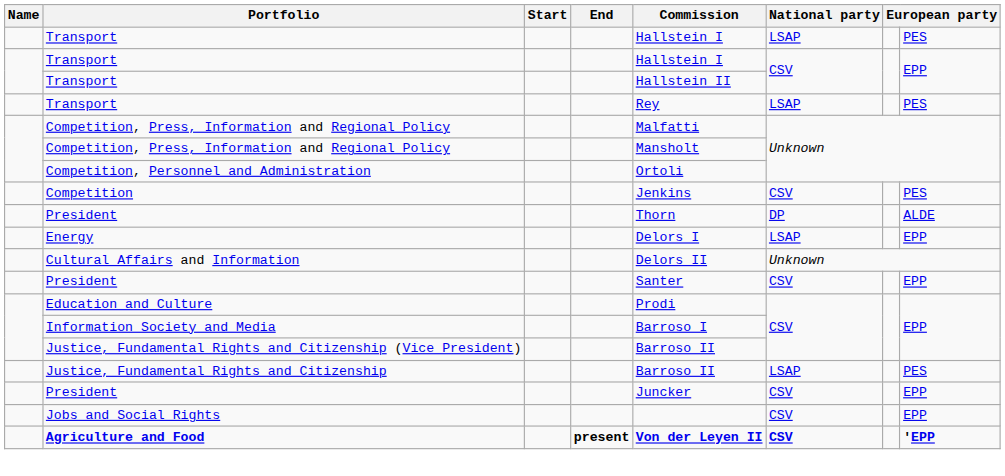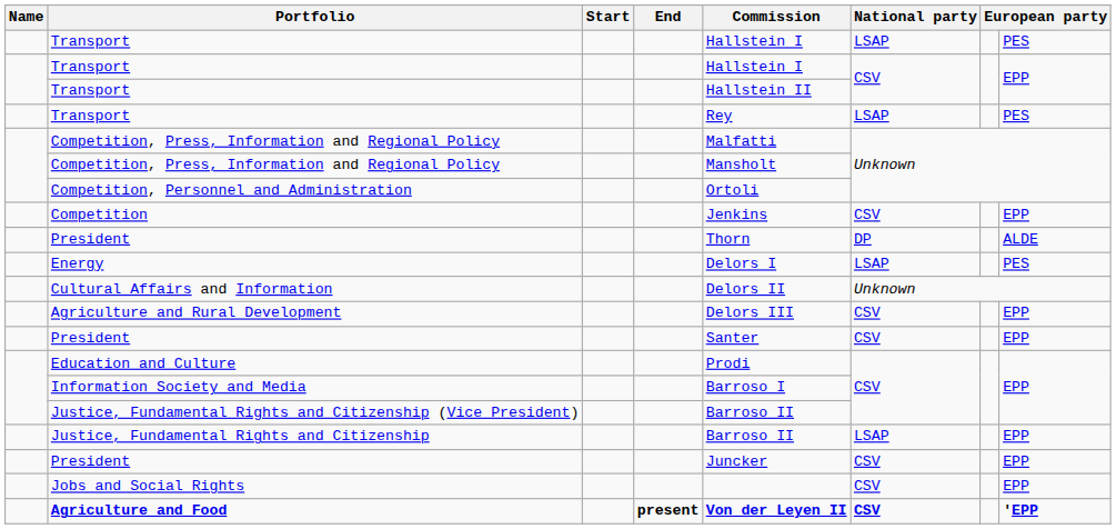 <table class="wikitable sortable" style="font-size: 90%;">
 <tr>
 <th>Name</th>
 <th>Portfolio</th>
 <th>Start</th>
 <th>End</th>
 <th>Commission</th>
 <th>National party</th>
 <th colspan=2>European party</th>
 </tr>
 <tr>
 <td></td>
 <td><a href='#'>Transport</a></td>
 <td></td>
 <td></td>
 <td><a href='#'>Hallstein I</a></td>
 <td><a href='#'>LSAP</a></td>
 <td style="background:"></td>
 <td><a href='#'>PES</a></td>
 </tr>
 <tr>
 <td rowspan=2></td>
 <td><a href='#'>Transport</a></td>
 <td></td>
 <td></td>
 <td><a href='#'>Hallstein I</a></td>
 <td rowspan=2><a href='#'>CSV</a></td>
 <td rowspan=2 style="background:"></td>
 <td rowspan=2><a href='#'>EPP</a></td>
 </tr>
 <tr>
 <td><a href='#'>Transport</a></td>
 <td></td>
 <td></td>
 <td><a href='#'>Hallstein II</a></td>
 </tr>
 <tr>
 <td></td>
 <td><a href='#'>Transport</a></td>
 <td></td>
 <td></td>
 <td><a href='#'>Rey</a></td>
 <td><a href='#'>LSAP</a></td>
 <td style="background:"></td>
 <td><a href='#'>PES</a></td>
 </tr>
 <tr>
 <td rowspan=3></td>
 <td><a href='#'>Competition</a>, <a href='#'>Press, Information</a> and <a href='#'>Regional Policy</a></td>
 <td></td>
 <td></td>
 <td><a href='#'>Malfatti</a></td>
 <td rowspan=3 colspan=3><em>Unknown</em></td>
 </tr>
 <tr>
 <td><a href='#'>Competition</a>, <a href='#'>Press, Information</a> and <a href='#'>Regional Policy</a></td>
 <td></td>
 <td></td>
 <td><a href='#'>Mansholt</a></td>
 </tr>
 <tr>
 <td><a href='#'>Competition</a>, <a href='#'>Personnel and Administration</a></td>
 <td></td>
 <td></td>
 <td><a href='#'>Ortoli</a></td>
 </tr>
 <tr>
 <td></td>
 <td><a href='#'>Competition</a></td>
 <td></td>
 <td></td>
 <td><a href='#'>Jenkins</a></td>
 <td><a href='#'>CSV</a></td>
 <td style="background:"></td>
-<td><a href='#'>PES</a></td>
+<td><a href='#'>EPP</a></td>
 </tr>
 <tr>
 <td></td>
 <td><a href='#'>President</a></td>
 <td></td>
 <td></td>
 <td><a href='#'>Thorn</a></td>
 <td><a href='#'>DP</a></td>
 <td style="background:"></td>
 <td><a href='#'>ALDE</a></td>
 </tr>
 <tr>
 <td></td>
 <td><a href='#'>Energy</a></td>
 <td></td>
 <td></td>
 <td><a href='#'>Delors I</a></td>
 <td><a href='#'>LSAP</a></td>
 <td style="background:"></td>
-<td><a href='#'>EPP</a></td>
+<td><a href='#'>PES</a></td>
 </tr>
 <tr>
 <td></td>
 <td><a href='#'>Cultural Affairs</a> and <a href='#'>Information</a></td>
 <td></td>
 <td></td>
 <td><a href='#'>Delors II</a></td>
 <td colspan=3><em>Unknown</em></td>
+</tr>
+<tr>
+<td></td>
+<td><a href='#'>Agriculture and Rural Development</a></td>
+<td></td>
+<td></td>
+<td><a href='#'>Delors III</a></td>
+<td><a href='#'>CSV</a></td>
+<td style="background:"></td>
+<td><a href='#'>EPP</a></td>
 </tr>
 <tr>
 <td></td>
 <td><a href='#'>President</a></td>
 <td></td>
 <td></td>
 <td><a href='#'>Santer</a></td>
 <td><a href='#'>CSV</a></td>
 <td style="background:"></td>
 <td><a href='#'>EPP</a></td>
 </tr>
 <tr>
 <td rowspan=3></td>
 <td><a href='#'>Education and Culture</a></td>
 <td></td>
 <td></td>
 <td><a href='#'>Prodi</a></td>
 <td rowspan=3><a href='#'>CSV</a></td>
 <td rowspan=3 style="background:"></td>
 <td rowspan=3><a href='#'>EPP</a></td>
 </tr>
 <tr>
 <td><a href='#'>Information Society and Media</a></td>
 <td></td>
 <td></td>
 <td><a href='#'>Barroso I</a></td>
 </tr>
 <tr>
 <td><a href='#'>Justice, Fundamental Rights and Citizenship</a> (<a href='#'>Vice President</a>)</td>
 <td></td>
 <td></td>
 <td><a href='#'>Barroso II</a></td>
 </tr>
 <tr>
 <td></td>
 <td><a href='#'>Justice, Fundamental Rights and Citizenship</a></td>
 <td></td>
 <td></td>
 <td><a href='#'>Barroso II</a></td>
 <td><a href='#'>LSAP</a></td>
 <td style="background:"></td>
-<td><a href='#'>PES</a></td>
+<td><a href='#'>EPP</a></td>
 </tr>
 <tr>
 <td></td>
 <td><a href='#'>President</a></td>
 <td></td>
 <td></td>
 <td><a href='#'>Juncker</a></td>
 <td><a href='#'>CSV</a></td>
 <td style="background:"></td>
 <td><a href='#'>EPP</a></td>
 </tr>
 <tr>
 <td></td>
 <td><a href='#'>Jobs and Social Rights</a></td>
 <td></td>
 <td></td>
 <td></td>
 <td><a href='#'>CSV</a></td>
 <td style="background:"></td>
 <td><a href='#'>EPP</a></td>
 </tr>
 <tr>
 <td><strong></strong></td>
 <td><strong><a href='#'>Agriculture and Food</a></strong></td>
 <td><strong></strong></td>
 <td><strong>present</strong></td>
 <td><strong><a href='#'>Von der Leyen II</a></strong></td>
 <td><strong><a href='#'>CSV</a></strong></td>
 <td style="background:"></td>
 <td><strong>'<a href='#'>EPP</a></strong></td>
 </tr>
 </table>
